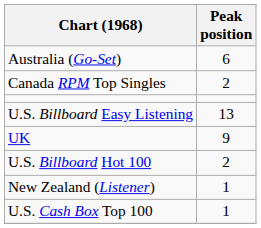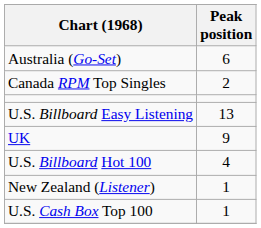 <table class="wikitable sortable">
 <tr>
 </tr>
 <tr>
 <th>Chart (1968)</th>
 <th>Peak<br>position</th>
 </tr>
 <tr>
 <td>Australia (<em><a href='#'>Go-Set</a></em>)</td>
 <td style="text-align:center;">6</td>
 </tr>
 <tr>
 <td>Canada <em><a href='#'>RPM</a></em> Top Singles</td>
 <td style="text-align:center;">2</td>
 </tr>
 <tr>
 <td></td>
 </tr>
 <tr>
 <td>U.S. <em>Billboard</em> <a href='#'>Easy Listening</a></td>
 <td style="text-align:center;">13</td>
 </tr>
 <tr>
 <td><a href='#'>UK</a></td>
 <td style="text-align:center;">9</td>
 </tr>
 <tr>
 <td>U.S. <em><a href='#'>Billboard</a></em> <a href='#'>Hot 100</a></td>
-<td style="text-align:center;">2</td>
+<td style="text-align:center;">4</td>
 </tr>
 <tr>
 <td>New Zealand (<em><a href='#'>Listener</a></em>)</td>
 <td style="text-align:center;">1</td>
 </tr>
 <tr>
 <td>U.S. <a href='#'><em>Cash Box</em></a> Top 100</td>
 <td align="center">1</td>
 </tr>
 <tr>
 </tr>
 </table>
